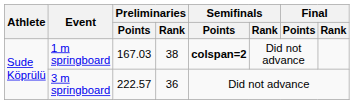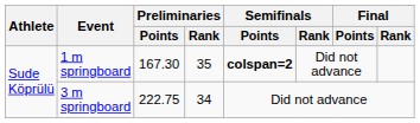 <table class="wikitable" style="text-align:center; font-size:90%; width:50%;">
 <tr>
 <th rowspan=2>Athlete</th>
 <th rowspan=2>Event</th>
 <th colspan=2>Preliminaries</th>
 <th colspan=2>Semifinals</th>
 <th colspan=2>Final</th>
 </tr>
 <tr style="font-size:95%">
 <th>Points</th>
 <th>Rank</th>
 <th>Points</th>
 <th>Rank</th>
 <th>Points</th>
 <th>Rank</th>
 </tr>
 <tr>
 <td align=left rowspan=2><a href='#'>Sude Köprülü</a></td>
 <td align=left><a href='#'>1 m springboard</a></td>
-<td>167.03</td>
-<td>38</td>
+<td>167.30</td>
+<td>35</td>
 <td><strong>colspan=2 </strong></td>
 <td colspan=2>Did not advance</td>
 </tr>
 <tr>
 <td align=left><a href='#'>3 m springboard</a></td>
-<td>222.57</td>
-<td>36</td>
+<td>222.75</td>
+<td>34</td>
 <td colspan=4>Did not advance</td>
 </tr>
 </table>
